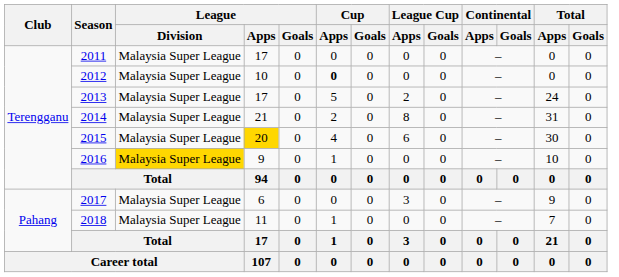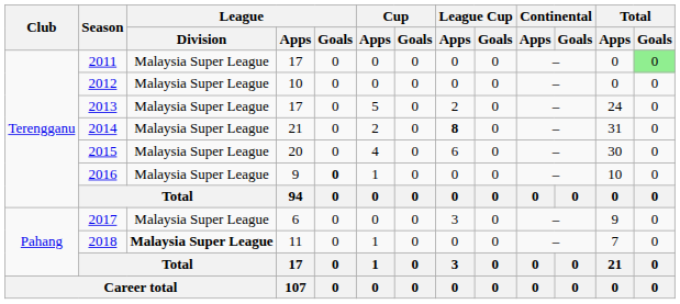 <table class=wikitable style="text-align: center">
 <tr>
 <th rowspan=2>Club</th>
 <th rowspan=2>Season</th>
 <th colspan=3>League</th>
 <th colspan=2>Cup</th>
 <th colspan=2>League Cup</th>
 <th colspan=2>Continental</th>
 <th colspan=2>Total</th>
 </tr>
 <tr>
 <th>Division</th>
 <th>Apps</th>
 <th>Goals</th>
 <th>Apps</th>
 <th>Goals</th>
 <th>Apps</th>
 <th>Goals</th>
 <th>Apps</th>
 <th>Goals</th>
 <th>Apps</th>
 <th>Goals</th>
 </tr>
 <tr>
 <td rowspan="7"><a href='#'>Terengganu</a></td>
 <td><a href='#'>2011</a></td>
 <td>Malaysia Super League</td>
 <td>17</td>
 <td>0</td>
 <td>0</td>
 <td>0</td>
 <td>0</td>
 <td>0</td>
 <td colspan=2>–</td>
 <td>0</td>
-<td>0</td>
+<td style="background: lightgreen;">0</td>
 </tr>
 <tr>
 <td><a href='#'>2012</a></td>
 <td>Malaysia Super League</td>
 <td>10</td>
 <td>0</td>
-<td><strong>0</strong></td>
+<td>0</td>
 <td>0</td>
 <td>0</td>
 <td>0</td>
 <td colspan=2>–</td>
 <td>0</td>
 <td>0</td>
 </tr>
 <tr>
 <td><a href='#'>2013</a></td>
 <td>Malaysia Super League</td>
 <td>17</td>
 <td>0</td>
 <td>5</td>
 <td>0</td>
 <td>2</td>
 <td>0</td>
 <td colspan=2>–</td>
 <td>24</td>
 <td>0</td>
 </tr>
 <tr>
 <td><a href='#'>2014</a></td>
 <td>Malaysia Super League</td>
 <td>21</td>
 <td>0</td>
 <td>2</td>
 <td>0</td>
-<td>8</td>
+<td><strong>8</strong></td>
 <td>0</td>
 <td colspan=2>–</td>
 <td>31</td>
 <td>0</td>
 </tr>
 <tr>
 <td><a href='#'>2015</a></td>
 <td>Malaysia Super League</td>
-<td style="background: gold;">20</td>
+<td>20</td>
 <td>0</td>
 <td>4</td>
 <td>0</td>
 <td>6</td>
 <td>0</td>
 <td colspan=2>–</td>
 <td>30</td>
 <td>0</td>
 </tr>
 <tr>
 <td><a href='#'>2016</a></td>
-<td style="background: gold;">Malaysia Super League</td>
+<td>Malaysia Super League</td>
 <td>9</td>
-<td>0</td>
+<td><strong>0</strong></td>
 <td>1</td>
 <td>0</td>
 <td>0</td>
 <td>0</td>
 <td colspan=2>–</td>
 <td>10</td>
 <td>0</td>
 </tr>
 <tr>
 <th colspan=2>Total</th>
 <th>94</th>
 <th>0</th>
 <th>0</th>
 <th>0</th>
 <th>0</th>
 <th>0</th>
 <th>0</th>
 <th>0</th>
 <th>0</th>
 <th>0</th>
 </tr>
 <tr>
 <td rowspan="3"><a href='#'>Pahang</a></td>
 <td><a href='#'>2017</a></td>
 <td>Malaysia Super League</td>
 <td>6</td>
 <td>0</td>
 <td>0</td>
 <td>0</td>
 <td>3</td>
 <td>0</td>
 <td colspan=2>–</td>
 <td>9</td>
 <td>0</td>
 </tr>
 <tr>
 <td><a href='#'>2018</a></td>
-<td>Malaysia Super League</td>
+<td><strong>Malaysia Super League</strong></td>
 <td>11</td>
 <td>0</td>
 <td>1</td>
 <td>0</td>
 <td>0</td>
 <td>0</td>
 <td colspan=2>–</td>
 <td>7</td>
 <td>0</td>
 </tr>
 <tr>
 <th colspan=2>Total</th>
 <th>17</th>
 <th>0</th>
 <th>1</th>
 <th>0</th>
 <th>3</th>
 <th>0</th>
 <th>0</th>
 <th>0</th>
 <th>21</th>
 <th>0</th>
 </tr>
 <tr>
 <th colspan=3>Career total</th>
 <th>107</th>
 <th>0</th>
 <th>0</th>
 <th>0</th>
 <th>0</th>
 <th>0</th>
 <th>0</th>
 <th>0</th>
 <th>0</th>
 <th>0</th>
 </tr>
 </table>
